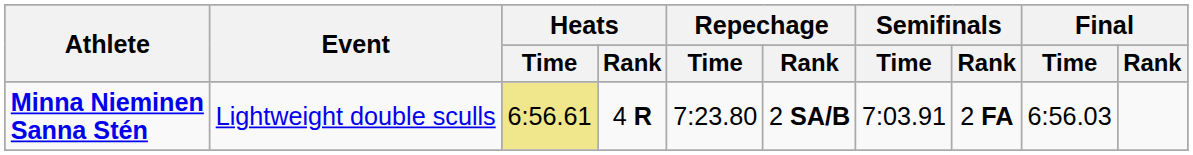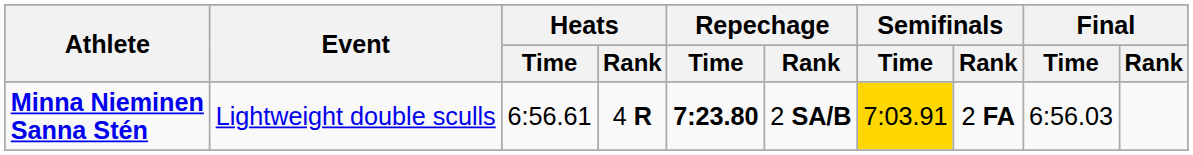 <table class="wikitable" style="font-size:90%">
 <tr>
 <th rowspan="2">Athlete</th>
 <th rowspan="2">Event</th>
 <th colspan="2">Heats</th>
 <th colspan="2">Repechage</th>
 <th colspan="2">Semifinals</th>
 <th colspan="2">Final</th>
 </tr>
 <tr style="font-size:95%">
 <th>Time</th>
 <th>Rank</th>
 <th>Time</th>
 <th>Rank</th>
 <th>Time</th>
 <th>Rank</th>
 <th>Time</th>
 <th>Rank</th>
 </tr>
 <tr align=center>
 <td align=left><strong><a href='#'>Minna Nieminen</a><br><a href='#'>Sanna Stén</a></strong></td>
 <td align=left><a href='#'>Lightweight double sculls</a></td>
-<td style="background: khaki;">6:56.61</td>
+<td>6:56.61</td>
 <td>4 <strong>R</strong></td>
-<td>7:23.80</td>
+<td><strong>7:23.80</strong></td>
 <td>2 <strong>SA/B</strong></td>
-<td>7:03.91</td>
+<td style="background: gold;">7:03.91</td>
 <td>2 <strong>FA</strong></td>
 <td>6:56.03</td>
 <td></td>
 </tr>
 </table>
